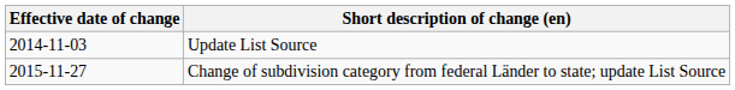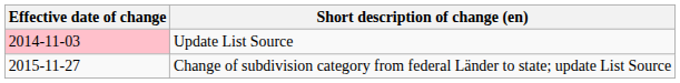 <table class="wikitable">
 <tr>
 <th>Effective date of change</th>
 <th>Short description of change (en)</th>
 </tr>
 <tr>
-<td>2014-11-03</td>
+<td style="background: pink;">2014-11-03</td>
 <td>Update List Source</td>
 </tr>
 <tr>
 <td>2015-11-27</td>
 <td>Change of subdivision category from federal Länder to state; update List Source</td>
 </tr>
 </table>
